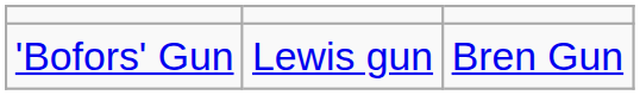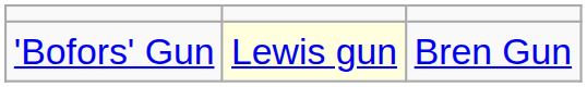 <table class="wikitable">
 <tr>
 <td></td>
 <td></td>
 <td></td>
 </tr>
 <tr>
 <td><a href='#'>'Bofors' Gun</a></td>
-<td><a href='#'>Lewis gun</a></td>
+<td style="background: lightyellow;"><a href='#'>Lewis gun</a></td>
 <td><a href='#'>Bren Gun</a></td>
 </tr>
 </table>
